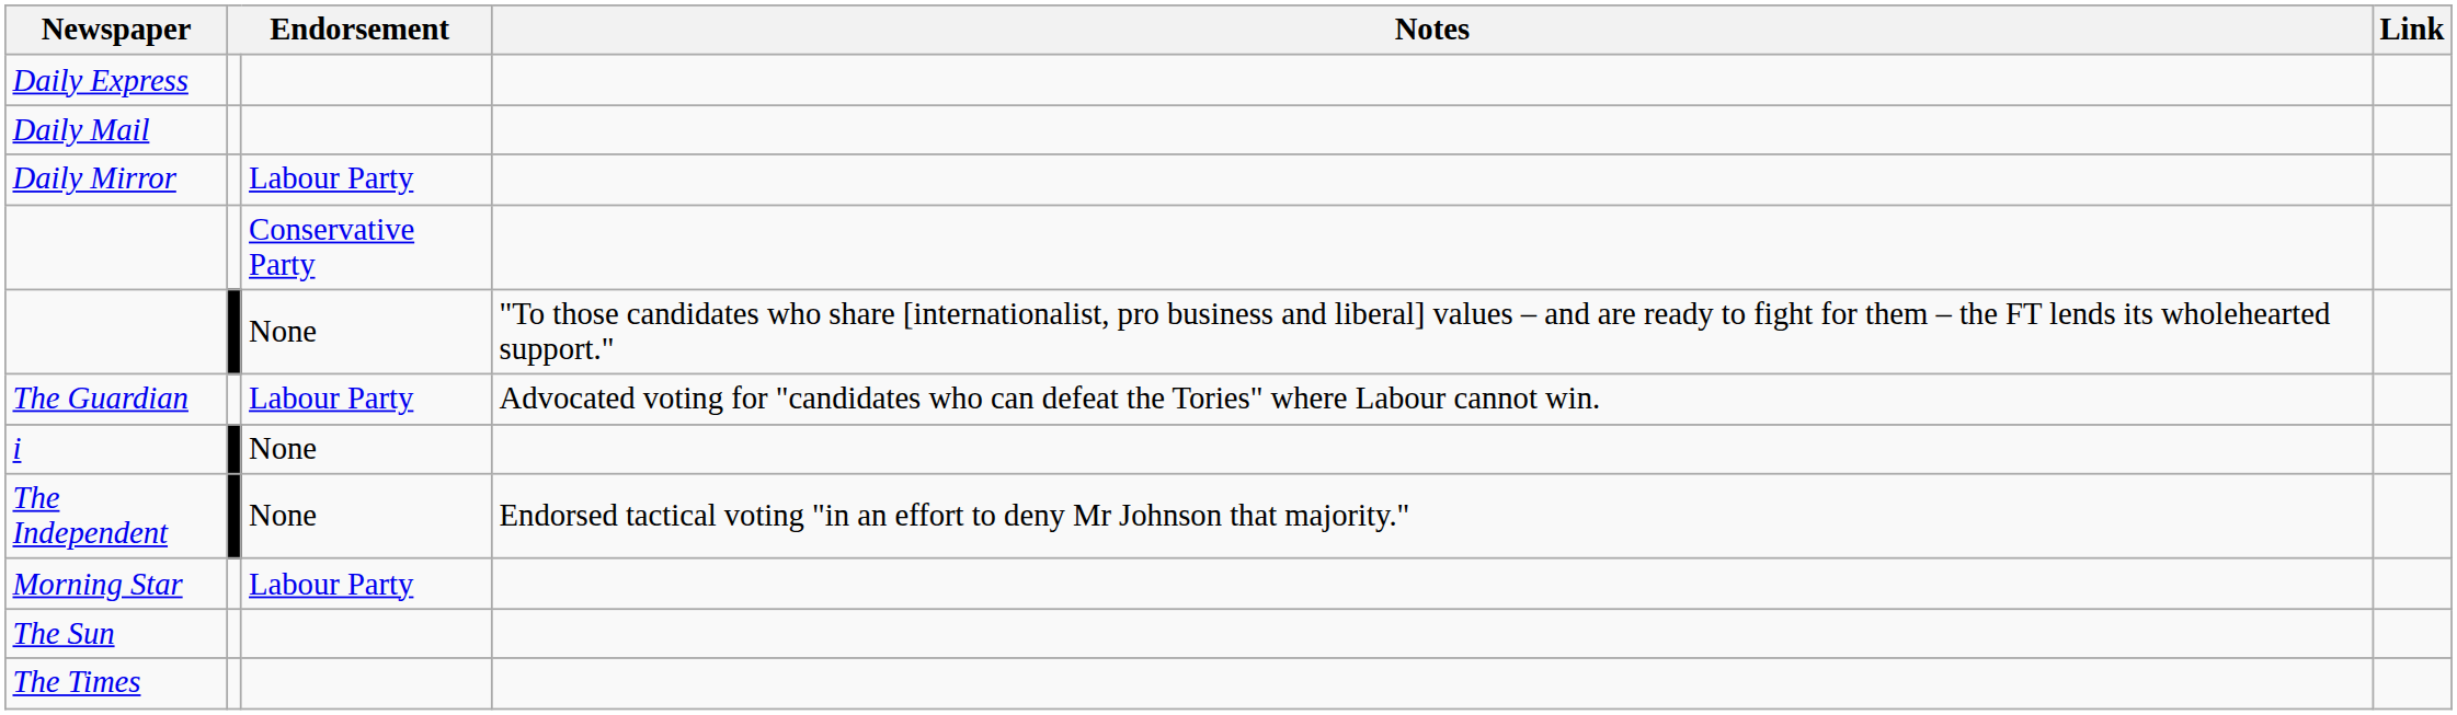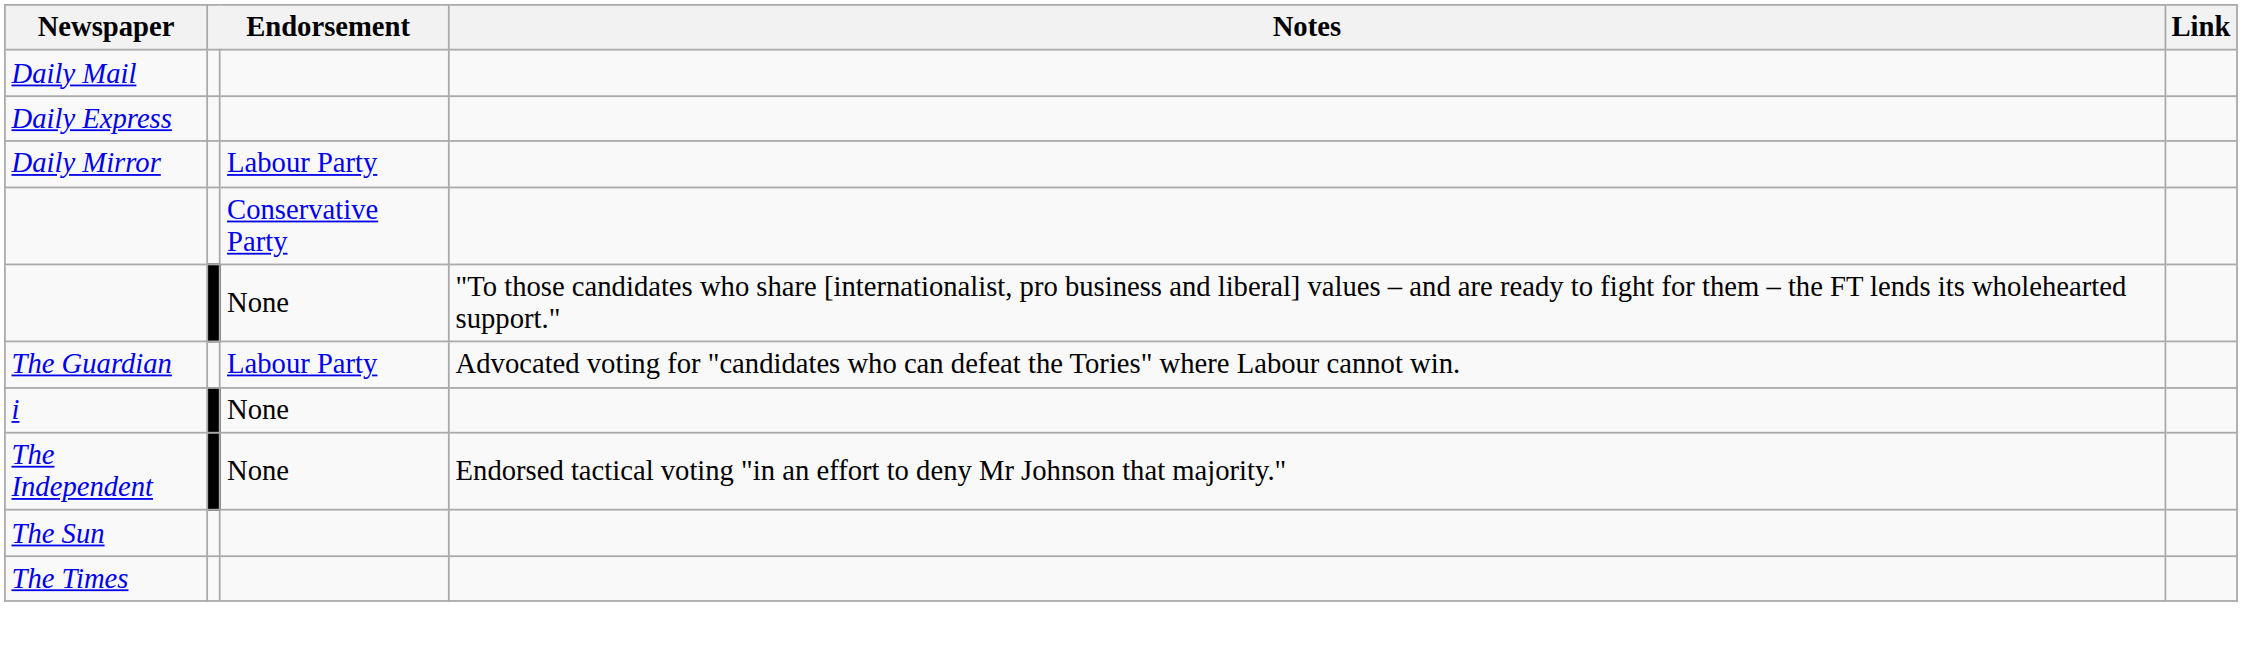 <table class="wikitable">
 <tr>
 <th>Newspaper</th>
 <th colspan=2>Endorsement</th>
 <th>Notes</th>
 <th>Link</th>
 </tr>
 <tr>
-<td><em><a href='#'>Daily Express</a></em></td>
+<td><em><a href='#'>Daily Mail</a></em></td>
 <td style="background-color: "></td>
 <td></td>
 <td></td>
 <td></td>
 </tr>
 <tr>
-<td><em><a href='#'>Daily Mail</a></em></td>
+<td><em><a href='#'>Daily Express</a></em></td>
 <td style="background-color: "></td>
 <td></td>
 <td></td>
 <td></td>
 </tr>
 <tr>
 <td><em><a href='#'>Daily Mirror</a></em></td>
 <td style="background-color: "></td>
 <td><a href='#'>Labour Party</a></td>
 <td></td>
 <td></td>
 </tr>
 <tr>
 <td></td>
 <td style="background-color: "></td>
 <td><a href='#'>Conservative Party</a></td>
 <td></td>
 <td></td>
 </tr>
 <tr>
 <td></td>
 <td style="background-color:black"></td>
 <td>None</td>
 <td>"To those candidates who share [internationalist, pro business and liberal] values – and are ready to fight for them – the FT lends its wholehearted support."</td>
 <td></td>
 </tr>
 <tr>
 <td><em><a href='#'>The Guardian</a></em></td>
 <td style="background-color: "></td>
 <td><a href='#'>Labour Party</a></td>
 <td>Advocated voting for "candidates who can defeat the Tories" where Labour cannot win.</td>
 <td></td>
 </tr>
 <tr>
 <td><em><a href='#'>i</a></em></td>
 <td style="background-color:black"></td>
 <td>None</td>
 <td></td>
 <td></td>
 </tr>
 <tr>
 <td><em><a href='#'>The Independent</a></em></td>
 <td style="background-color:black"></td>
 <td>None</td>
 <td>Endorsed tactical voting "in an effort to deny Mr Johnson that majority."</td>
 <td></td>
 </tr>
 <tr>
-<td><em><a href='#'>Morning Star</a></em></td>
-<td style="background-color: "></td>
-<td><a href='#'>Labour Party</a></td>
-<td></td>
-<td></td>
-</tr>
-<tr>
 <td><em><a href='#'>The Sun</a></em></td>
 <td style="background-color: "></td>
 <td></td>
 <td></td>
 <td></td>
 </tr>
 <tr>
 <td><em><a href='#'>The Times</a></em></td>
 <td style="background-color: "></td>
 <td></td>
 <td></td>
 <td></td>
 </tr>
 </table>
